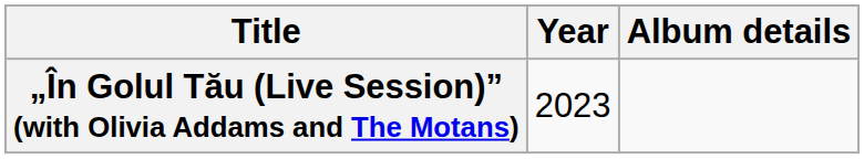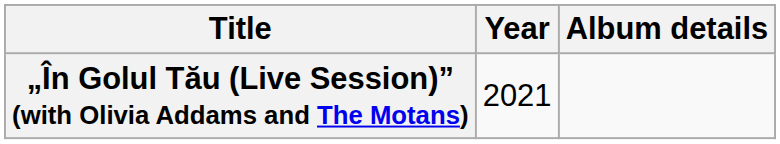 <table class="wikitable plainrowheaders" style="text-align:center;">
 <tr>
 <th>Title</th>
 <th>Year</th>
 <th>Album details</th>
 </tr>
 <tr>
 <th scope="row">„În Golul Tău (Live Session)”<br><small>(with Olivia Addams and <a href='#'>The Motans</a>)</small></th>
-<td>2023</td>
+<td>2021</td>
 <td></td>
 </tr>
 </table>
